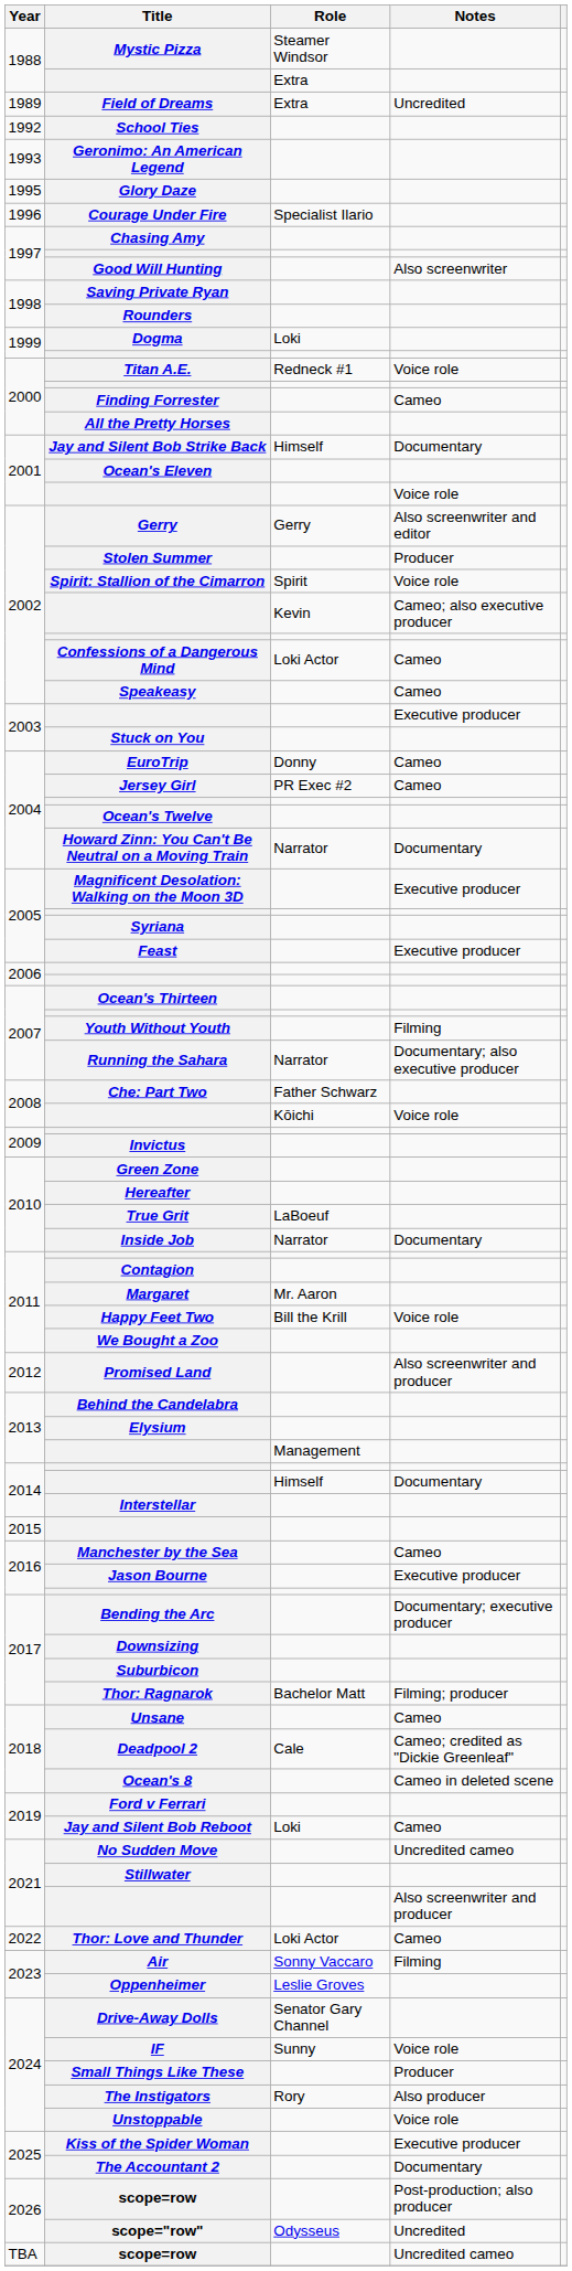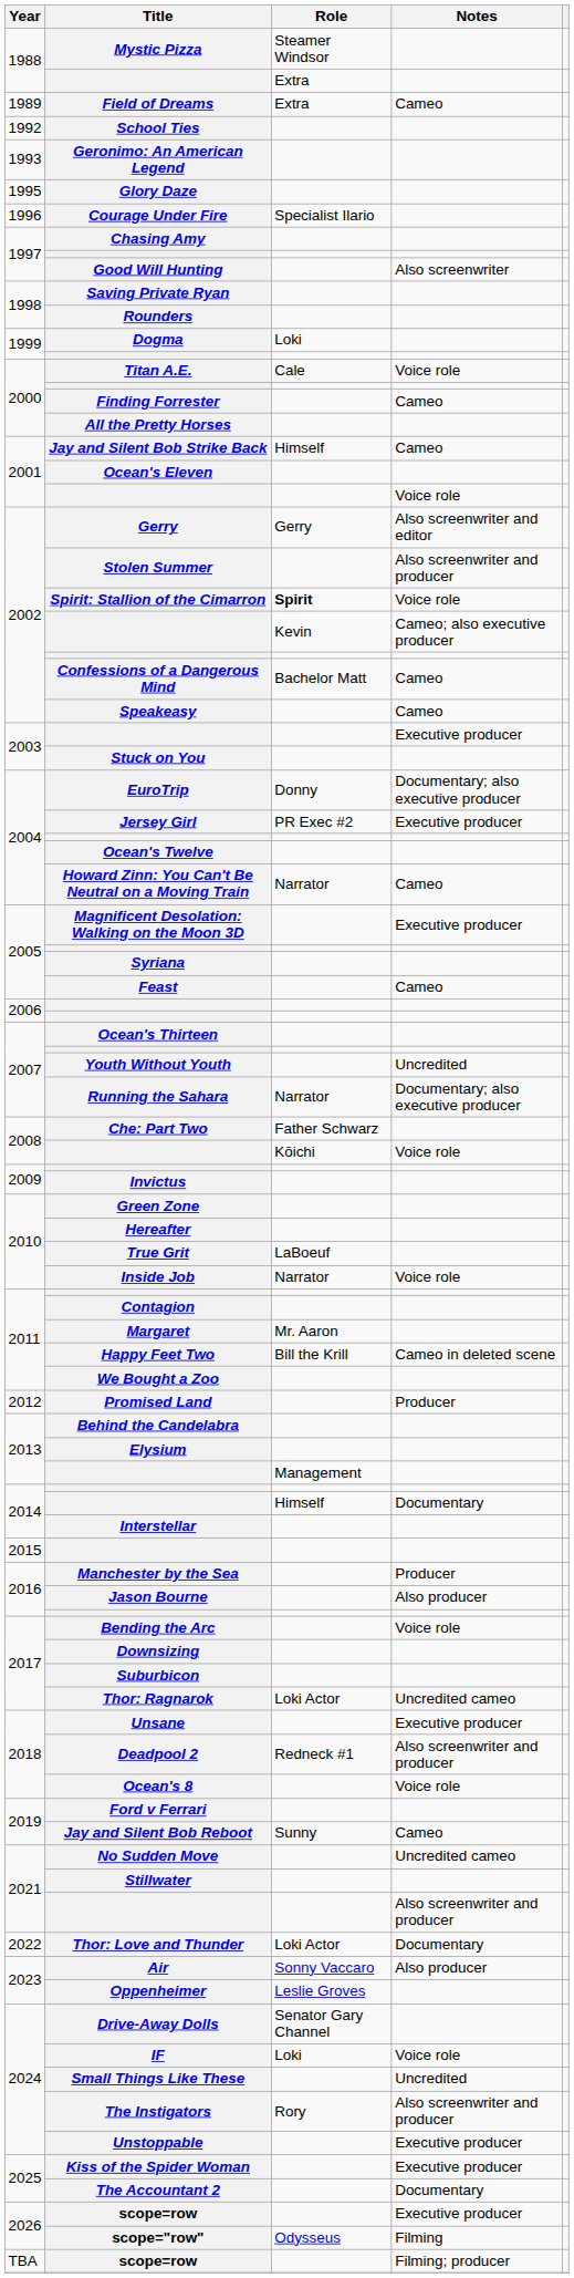 <table class="wikitable sortable plainrowheaders unsortable">
 <tr>
 <th scope="col">Year</th>
 <th scope="col">Title</th>
 <th scope="col">Role</th>
 <th scope="col" class="unsortable">Notes</th>
 <th scope="col" class="unsortable"></th>
 </tr>
 <tr>
 <td rowspan=2>1988</td>
 <th scope="row"><em><a href='#'>Mystic Pizza</a></em></th>
 <td>Steamer Windsor</td>
 <td></td>
 <td style="text-align:center;"></td>
 </tr>
 <tr>
 <th scope="row"></th>
 <td>Extra</td>
 <td></td>
 <td style="text-align:center;"></td>
 </tr>
 <tr>
 <td>1989</td>
 <th scope="row"><em><a href='#'>Field of Dreams</a></em></th>
 <td>Extra</td>
-<td>Uncredited</td>
+<td>Cameo</td>
 <td style="text-align:center;"></td>
 </tr>
 <tr>
 <td>1992</td>
 <th scope="row"><em><a href='#'>School Ties</a></em></th>
 <td></td>
 <td></td>
 <td style="text-align:center;"></td>
 </tr>
 <tr>
 <td>1993</td>
 <th scope="row"><em><a href='#'>Geronimo: An American Legend</a></em></th>
 <td></td>
 <td></td>
 <td style="text-align:center;"></td>
 </tr>
 <tr>
 <td>1995</td>
 <th scope="row"><em><a href='#'>Glory Daze</a></em></th>
 <td></td>
 <td></td>
 <td style="text-align:center;"></td>
 </tr>
 <tr>
 <td>1996</td>
 <th scope="row"><em><a href='#'>Courage Under Fire</a></em></th>
 <td>Specialist Ilario</td>
 <td></td>
 <td style="text-align:center;"></td>
 </tr>
 <tr>
 <td rowspan=3>1997</td>
 <th scope="row"><em><a href='#'>Chasing Amy</a></em></th>
 <td></td>
 <td></td>
 <td style="text-align:center;"></td>
 </tr>
 <tr>
 <th scope="row"></th>
 <td></td>
 <td></td>
 <td style="text-align:center;"></td>
 </tr>
 <tr>
 <th scope="row"><em><a href='#'>Good Will Hunting</a></em></th>
 <td></td>
 <td>Also screenwriter</td>
 <td style="text-align:center;"></td>
 </tr>
 <tr>
 <td rowspan=2>1998</td>
 <th scope="row"><em><a href='#'>Saving Private Ryan</a></em></th>
 <td></td>
 <td></td>
 <td style="text-align:center;"></td>
 </tr>
 <tr>
 <th scope="row"><em><a href='#'>Rounders</a></em></th>
 <td></td>
 <td></td>
 <td style="text-align:center;"></td>
 </tr>
 <tr>
 <td rowspan=2>1999</td>
 <th scope="row"><em><a href='#'>Dogma</a></em></th>
 <td>Loki</td>
 <td></td>
 <td style="text-align:center;"></td>
 </tr>
 <tr>
 <th scope="row"></th>
 <td></td>
 <td></td>
 <td style="text-align:center;"></td>
 </tr>
 <tr>
 <td rowspan=4>2000</td>
 <th scope="row"><em><a href='#'>Titan A.E.</a></em></th>
-<td>Redneck #1</td>
+<td>Cale</td>
 <td>Voice role</td>
 <td style="text-align:center;"></td>
 </tr>
 <tr>
 <th scope="row"></th>
 <td></td>
 <td></td>
 <td style="text-align:center;"></td>
 </tr>
 <tr>
 <th scope="row"><em><a href='#'>Finding Forrester</a></em></th>
 <td></td>
 <td>Cameo</td>
 <td style="text-align:center;"></td>
 </tr>
 <tr>
 <th scope="row"><em><a href='#'>All the Pretty Horses</a></em></th>
 <td></td>
 <td></td>
 <td style="text-align:center;"></td>
 </tr>
 <tr>
 <td rowspan=3>2001</td>
 <th scope="row"><em><a href='#'>Jay and Silent Bob Strike Back</a></em></th>
 <td>Himself</td>
-<td>Documentary</td>
+<td>Cameo</td>
 <td style="text-align:center;"></td>
 </tr>
 <tr>
 <th scope="row"><em><a href='#'>Ocean's Eleven</a></em></th>
 <td></td>
 <td></td>
 <td style="text-align:center;"></td>
 </tr>
 <tr>
 <th scope="row"></th>
 <td></td>
 <td>Voice role</td>
 <td style="text-align:center;"></td>
 </tr>
 <tr>
 <td rowspan=7>2002</td>
 <th scope="row"><em><a href='#'>Gerry</a></em></th>
 <td>Gerry</td>
 <td>Also screenwriter and editor</td>
 <td style="text-align:center;"></td>
 </tr>
 <tr>
 <th scope="row"><em><a href='#'>Stolen Summer</a></em></th>
 <td></td>
-<td>Producer</td>
+<td>Also screenwriter and producer</td>
 <td style="text-align:center;"></td>
 </tr>
 <tr>
 <th scope="row"><em><a href='#'>Spirit: Stallion of the Cimarron</a></em></th>
-<td>Spirit</td>
+<td><strong>Spirit</strong></td>
 <td>Voice role</td>
 <td style="text-align:center;"></td>
 </tr>
 <tr>
 <th scope="row"></th>
 <td>Kevin</td>
 <td>Cameo; also executive producer</td>
 <td style="text-align:center;"></td>
 </tr>
 <tr>
 <th scope="row"></th>
 <td></td>
 <td></td>
 <td style="text-align:center;"></td>
 </tr>
 <tr>
 <th scope="row"><em><a href='#'>Confessions of a Dangerous Mind</a></em></th>
-<td>Loki Actor</td>
+<td>Bachelor Matt</td>
 <td>Cameo</td>
 <td style="text-align:center;"></td>
 </tr>
 <tr>
 <th scope="row"><em><a href='#'>Speakeasy</a></em></th>
 <td></td>
 <td>Cameo</td>
 <td style="text-align:center;"></td>
 </tr>
 <tr>
 <td rowspan=2>2003</td>
 <th scope="row"><em></em></th>
 <td></td>
 <td>Executive producer</td>
 <td style="text-align:center;"></td>
 </tr>
 <tr>
 <th scope="row"><em><a href='#'>Stuck on You</a></em></th>
 <td></td>
 <td></td>
 <td style="text-align:center;"></td>
 </tr>
 <tr>
 <td rowspan=5>2004</td>
 <th scope="row"><em><a href='#'>EuroTrip</a></em></th>
 <td>Donny</td>
-<td>Cameo</td>
+<td>Documentary; also executive producer</td>
 <td style="text-align:center;"></td>
 </tr>
 <tr>
 <th scope="row"><em><a href='#'>Jersey Girl</a></em></th>
 <td>PR Exec #2</td>
-<td>Cameo</td>
+<td>Executive producer</td>
 <td style="text-align:center;"></td>
 </tr>
 <tr>
 <th scope="row"></th>
 <td></td>
 <td></td>
 <td style="text-align:center;"></td>
 </tr>
 <tr>
 <th scope="row"><em><a href='#'>Ocean's Twelve</a></em></th>
 <td></td>
 <td></td>
 <td style="text-align:center;"></td>
 </tr>
 <tr>
 <th scope="row"><em><a href='#'>Howard Zinn: You Can't Be Neutral on a Moving Train</a></em></th>
 <td>Narrator</td>
-<td>Documentary</td>
+<td>Cameo</td>
 <td style="text-align:center;"></td>
 </tr>
 <tr>
 <td rowspan=4>2005</td>
 <th scope="row"><em><a href='#'>Magnificent Desolation: Walking on the Moon 3D</a></em></th>
 <td></td>
 <td>Executive producer</td>
 <td style="text-align:center;"></td>
 </tr>
 <tr>
 <th scope="row"></th>
 <td></td>
 <td></td>
 <td style="text-align:center;"></td>
 </tr>
 <tr>
 <th scope="row"><em><a href='#'>Syriana</a></em></th>
 <td></td>
 <td></td>
 <td style="text-align:center;"></td>
 </tr>
 <tr>
 <th scope="row"><em><a href='#'>Feast</a></em></th>
 <td></td>
-<td>Executive producer</td>
+<td>Cameo</td>
 <td style="text-align:center;"></td>
 </tr>
 <tr>
 <td rowspan=2>2006</td>
 <th scope="row"></th>
 <td></td>
 <td></td>
 <td style="text-align:center;"></td>
 </tr>
 <tr>
 <th scope="row"></th>
 <td></td>
 <td></td>
 <td style="text-align:center;"></td>
 </tr>
 <tr>
 <td rowspan=4>2007</td>
 <th scope="row"><em><a href='#'>Ocean's Thirteen</a></em></th>
 <td></td>
 <td></td>
 <td style="text-align:center;"></td>
 </tr>
 <tr>
 <th scope="row"></th>
 <td></td>
 <td></td>
 <td style="text-align:center;"></td>
 </tr>
 <tr>
 <th scope="row"><em><a href='#'>Youth Without Youth</a></em></th>
 <td></td>
-<td>Filming</td>
+<td>Uncredited</td>
 <td style="text-align:center;"></td>
 </tr>
 <tr>
 <th scope="row"><em><a href='#'>Running the Sahara</a></em></th>
 <td>Narrator</td>
 <td>Documentary; also executive producer</td>
 <td style="text-align:center;"></td>
 </tr>
 <tr>
 <td rowspan=2>2008</td>
 <th scope="row"><em><a href='#'>Che: Part Two</a></em></th>
 <td>Father Schwarz</td>
 <td></td>
 <td style="text-align:center;"></td>
 </tr>
 <tr>
 <th scope="row"></th>
 <td>Kōichi</td>
 <td>Voice role</td>
 <td style="text-align:center;"></td>
 </tr>
 <tr>
 <td rowspan=2>2009</td>
 <th scope="row"></th>
 <td></td>
 <td></td>
 <td style="text-align:center;"></td>
 </tr>
 <tr>
 <th scope="row"><em><a href='#'>Invictus</a></em></th>
 <td></td>
 <td></td>
 <td style="text-align:center;"></td>
 </tr>
 <tr>
 <td rowspan=4>2010</td>
 <th scope="row"><em><a href='#'>Green Zone</a></em></th>
 <td></td>
 <td></td>
 <td style="text-align:center;"></td>
 </tr>
 <tr>
 <th scope="row"><em><a href='#'>Hereafter</a></em></th>
 <td></td>
 <td></td>
 <td style="text-align:center;"></td>
 </tr>
 <tr>
 <th scope="row"><em><a href='#'>True Grit</a></em></th>
 <td>LaBoeuf</td>
 <td></td>
 <td style="text-align:center;"></td>
 </tr>
 <tr>
 <th scope="row"><em><a href='#'>Inside Job</a></em></th>
 <td>Narrator</td>
-<td>Documentary</td>
+<td>Voice role</td>
 <td style="text-align:center;"></td>
 </tr>
 <tr>
 <td rowspan=5>2011</td>
 <th scope="row"></th>
 <td></td>
 <td></td>
 <td style="text-align:center;"></td>
 </tr>
 <tr>
 <th scope="row"><em><a href='#'>Contagion</a></em></th>
 <td></td>
 <td></td>
 <td style="text-align:center;"></td>
 </tr>
 <tr>
 <th scope="row"><em><a href='#'>Margaret</a></em></th>
 <td>Mr. Aaron</td>
 <td></td>
 <td style="text-align:center;"></td>
 </tr>
 <tr>
 <th scope="row"><em><a href='#'>Happy Feet Two</a></em></th>
 <td>Bill the Krill</td>
-<td>Voice role</td>
+<td>Cameo in deleted scene</td>
 <td style="text-align:center;"></td>
 </tr>
 <tr>
 <th scope="row"><em><a href='#'>We Bought a Zoo</a></em></th>
 <td></td>
 <td></td>
 <td style="text-align:center;"></td>
 </tr>
 <tr>
 <td>2012</td>
 <th scope="row"><em><a href='#'>Promised Land</a></em></th>
 <td></td>
-<td>Also screenwriter and producer</td>
+<td>Producer</td>
 <td style="text-align:center;"></td>
 </tr>
 <tr>
 <td rowspan=3>2013</td>
 <th scope="row"><em><a href='#'>Behind the Candelabra</a></em></th>
 <td></td>
 <td></td>
 <td style="text-align:center;"></td>
 </tr>
 <tr>
 <th scope="row"><em><a href='#'>Elysium</a></em></th>
 <td></td>
 <td></td>
 <td style="text-align:center;"></td>
 </tr>
 <tr>
 <th scope="row"></th>
 <td>Management</td>
 <td></td>
 <td style="text-align:center;"></td>
 </tr>
 <tr>
 <td rowspan=3>2014</td>
 <th scope="row"></th>
 <td></td>
 <td></td>
 <td style="text-align:center;"></td>
 </tr>
 <tr>
 <th scope="row"></th>
 <td>Himself</td>
 <td>Documentary</td>
 <td style="text-align:center;"></td>
 </tr>
 <tr>
 <th scope="row"><em><a href='#'>Interstellar</a></em></th>
 <td></td>
 <td></td>
 <td style="text-align:center;"></td>
 </tr>
 <tr>
 <td>2015</td>
 <th scope="row"></th>
 <td></td>
 <td></td>
 <td style="text-align:center;"></td>
 </tr>
 <tr>
 <td rowspan=3>2016</td>
 <th scope="row"><em><a href='#'>Manchester by the Sea</a></em></th>
 <td></td>
-<td>Cameo</td>
+<td>Producer</td>
 <td style="text-align:center;"></td>
 </tr>
 <tr>
 <th scope="row"><em><a href='#'>Jason Bourne</a></em></th>
 <td></td>
-<td>Executive producer</td>
+<td>Also producer</td>
 <td style="text-align:center;"></td>
 </tr>
 <tr>
 <th scope="row"></th>
 <td></td>
 <td></td>
 <td style="text-align:center;"></td>
 </tr>
 <tr>
 <td rowspan=4>2017</td>
 <th scope="row"><em><a href='#'>Bending the Arc</a></em></th>
 <td></td>
-<td>Documentary; executive producer</td>
+<td>Voice role</td>
 <td style="text-align:center;"></td>
 </tr>
 <tr>
 <th scope="row"><em><a href='#'>Downsizing</a></em></th>
 <td></td>
 <td></td>
 <td style="text-align:center;"></td>
 </tr>
 <tr>
 <th scope="row"><em><a href='#'>Suburbicon</a></em></th>
 <td></td>
 <td></td>
 <td style="text-align:center;"></td>
 </tr>
 <tr>
 <th scope="row"><em><a href='#'>Thor: Ragnarok</a></em></th>
-<td>Bachelor Matt</td>
-<td>Filming; producer</td>
+<td>Loki Actor</td>
+<td>Uncredited cameo</td>
 <td style="text-align:center;"></td>
 </tr>
 <tr>
 <td rowspan=3>2018</td>
 <th scope="row"><em><a href='#'>Unsane</a></em></th>
 <td></td>
-<td>Cameo</td>
+<td>Executive producer</td>
 <td style="text-align:center;"></td>
 </tr>
 <tr>
 <th scope="row"><em><a href='#'>Deadpool 2</a></em></th>
-<td>Cale</td>
-<td>Cameo; credited as "Dickie Greenleaf"</td>
+<td>Redneck #1</td>
+<td>Also screenwriter and producer</td>
 <td style="text-align:center;"></td>
 </tr>
 <tr>
 <th scope="row"><em><a href='#'>Ocean's 8</a></em></th>
 <td></td>
-<td>Cameo in deleted scene</td>
+<td>Voice role</td>
 <td style="text-align:center;"></td>
 </tr>
 <tr>
 <td rowspan=2>2019</td>
 <th scope="row"><em><a href='#'>Ford v Ferrari</a></em></th>
 <td></td>
 <td></td>
 <td style="text-align:center;"></td>
 </tr>
 <tr>
 <th scope="row"><em><a href='#'>Jay and Silent Bob Reboot</a></em></th>
-<td>Loki</td>
+<td>Sunny</td>
 <td>Cameo</td>
 <td style="text-align:center;"></td>
 </tr>
 <tr>
 <td rowspan=3>2021</td>
 <th scope="row"><em><a href='#'>No Sudden Move</a></em></th>
 <td></td>
 <td>Uncredited cameo</td>
 <td style="text-align:center;"></td>
 </tr>
 <tr>
 <th scope="row"><em><a href='#'>Stillwater</a></em></th>
 <td></td>
 <td></td>
 <td style="text-align:center;"></td>
 </tr>
 <tr>
 <th scope="row"><em></em></th>
 <td></td>
 <td>Also screenwriter and producer</td>
 <td style="text-align:center;"></td>
 </tr>
 <tr>
 <td>2022</td>
 <th scope="row"><em><a href='#'>Thor: Love and Thunder</a></em></th>
 <td>Loki Actor</td>
-<td>Cameo</td>
+<td>Documentary</td>
 <td style="text-align:center;"></td>
 </tr>
 <tr>
 <td rowspan=2>2023</td>
 <th scope=row><em><a href='#'>Air</a></em></th>
 <td><a href='#'>Sonny Vaccaro</a></td>
-<td>Filming</td>
+<td>Also producer</td>
 <td style="text-align:center;"></td>
 </tr>
 <tr>
 <th scope=row><em><a href='#'>Oppenheimer</a></em></th>
 <td><a href='#'>Leslie Groves</a></td>
 <td></td>
 <td style="text-align:center;"></td>
 </tr>
 <tr>
 <td rowspan=5>2024</td>
 <th scope=row><em><a href='#'>Drive-Away Dolls</a></em></th>
 <td>Senator Gary Channel</td>
 <td></td>
 <td style="text-align:center;"></td>
 </tr>
 <tr>
 <th scope=row><em><a href='#'>IF</a></em></th>
-<td>Sunny</td>
+<td>Loki</td>
 <td>Voice role</td>
 <td style="text-align:center;"></td>
 </tr>
 <tr>
 <th scope=row><em><a href='#'>Small Things Like These</a></em></th>
 <td></td>
-<td>Producer</td>
+<td>Uncredited</td>
 <td style="text-align:center;"></td>
 </tr>
 <tr>
 <th scope=row><em><a href='#'>The Instigators</a></em></th>
 <td>Rory</td>
-<td>Also producer</td>
+<td>Also screenwriter and producer</td>
 <td style="text-align:center;"></td>
 </tr>
 <tr>
 <th scope=row><em><a href='#'>Unstoppable</a></em></th>
 <td></td>
-<td>Voice role</td>
+<td>Executive producer</td>
 <td style="text-align:center;"></td>
 </tr>
 <tr>
 <td rowspan="2">2025</td>
 <th scope=row><em><a href='#'>Kiss of the Spider Woman</a></em></th>
 <td></td>
 <td>Executive producer</td>
 <td style="text-align:center;"></td>
 </tr>
 <tr>
 <th scope=row><em><a href='#'>The Accountant 2</a></em></th>
 <td></td>
 <td>Documentary</td>
 <td style="text-align:center;"></td>
 </tr>
 <tr>
 <td rowspan="2">2026</td>
 <th>scope=row </th>
 <td></td>
-<td>Post-production; also producer</td>
+<td>Executive producer</td>
 <td style="text-align:center;"></td>
 </tr>
 <tr>
 <th>scope="row" </th>
 <td><a href='#'>Odysseus</a></td>
-<td>Uncredited</td>
+<td>Filming</td>
 <td style="text-align:center;"></td>
 </tr>
 <tr>
 <td>TBA</td>
 <th>scope=row </th>
 <td></td>
-<td>Uncredited cameo</td>
+<td>Filming; producer</td>
 <td style="text-align:center;"></td>
 </tr>
 <tr>
 </tr>
 </table>
